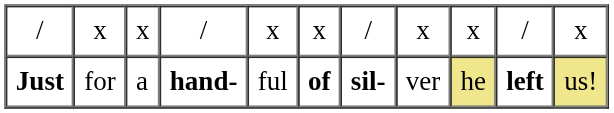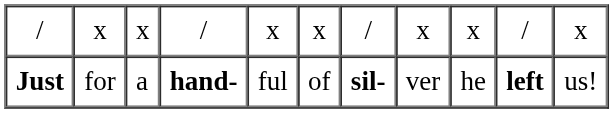 <table border=1 cellspacing=0 cellpadding=5>
 <tr>
 <td style="text-align: center;">/</td>
 <td style="text-align: center;">x</td>
 <td style="text-align: center;">x</td>
 <td style="text-align: center;">/</td>
 <td style="text-align: center;">x</td>
 <td style="text-align: center;">x</td>
 <td style="text-align: center;">/</td>
 <td style="text-align: center;">x</td>
 <td style="text-align: center;">x</td>
 <td style="text-align: center;">/</td>
 <td style="text-align: center;">x</td>
 </tr>
 <tr>
 <td><strong>Just</strong></td>
 <td>for</td>
 <td>a</td>
 <td><strong>hand-</strong></td>
 <td>ful</td>
-<td><strong>of</strong></td>
+<td>of</td>
 <td><strong>sil-</strong></td>
 <td>ver</td>
-<td style="background: khaki;">he</td>
+<td>he</td>
 <td><strong>left</strong></td>
-<td style="background: khaki;">us!</td>
+<td>us!</td>
 </tr>
 </table>
